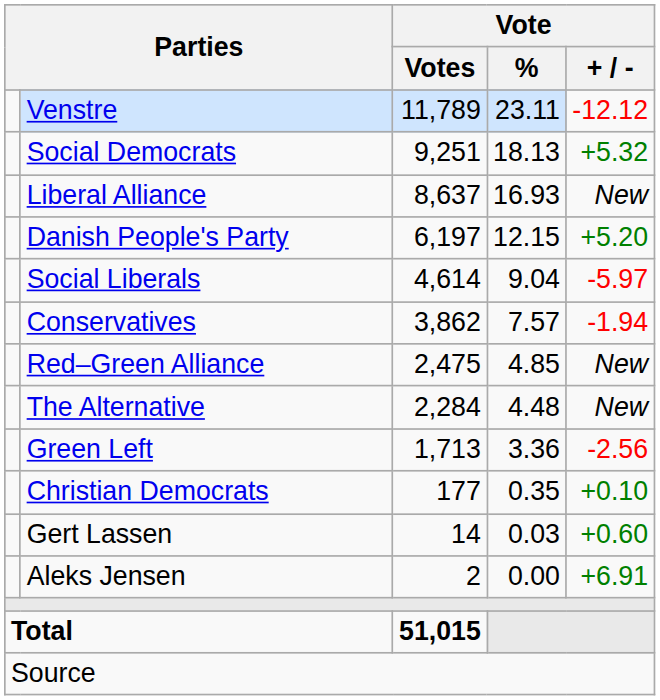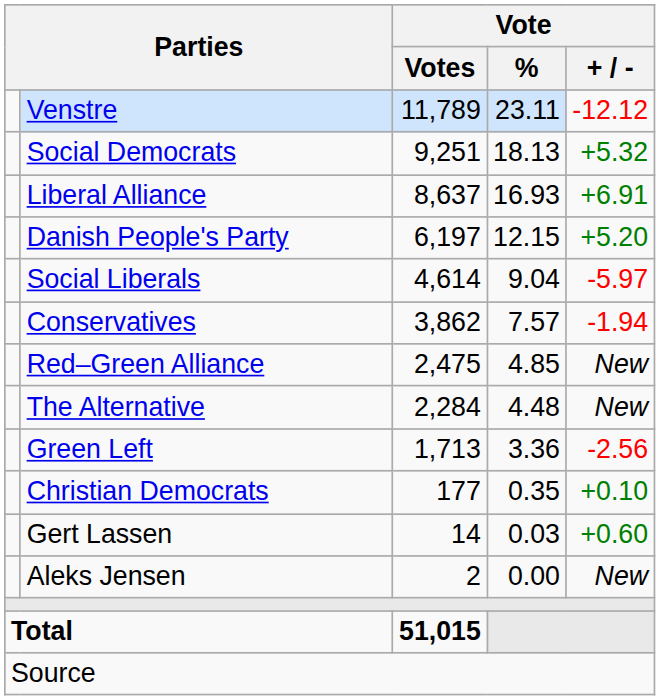 <table class="wikitable" style="text-align:right;">
 <tr>
 <th style="text-align:centre;" rowspan="2" colspan="2" width="225">Parties</th>
 <th colspan="3">Vote</th>
 </tr>
 <tr>
 <th width="15">Votes</th>
 <th width="15">%</th>
 <th width="15">+ / -</th>
 </tr>
 <tr>
 <td width="2" style="color:inherit;background:"></td>
 <td bgcolor=#cfe5fe  align="left"><a href='#'>Venstre</a></td>
 <td bgcolor=#cfe5fe>11,789</td>
 <td bgcolor=#cfe5fe>23.11</td>
 <td style=color:red;>-12.12</td>
 </tr>
 <tr>
 <td width="2" style="color:inherit;background:"></td>
 <td align="left"><a href='#'>Social Democrats</a></td>
 <td>9,251</td>
 <td>18.13</td>
 <td style=color:green;>+5.32</td>
 </tr>
 <tr>
 <td width="2" style="color:inherit;background:"></td>
 <td align="left"><a href='#'>Liberal Alliance</a></td>
 <td>8,637</td>
 <td>16.93</td>
-<td><em>New</em></td>
+<td style=color:green;>+6.91</td>
 </tr>
 <tr>
 <td width="2" style="color:inherit;background:"></td>
 <td align="left"><a href='#'>Danish People's Party</a></td>
 <td>6,197</td>
 <td>12.15</td>
 <td style=color:green;>+5.20</td>
 </tr>
 <tr>
 <td width="2" style="color:inherit;background:"></td>
 <td align="left"><a href='#'>Social Liberals</a></td>
 <td>4,614</td>
 <td>9.04</td>
 <td style=color:red;>-5.97</td>
 </tr>
 <tr>
 <td width="2" style="color:inherit;background:"></td>
 <td align="left"><a href='#'>Conservatives</a></td>
 <td>3,862</td>
 <td>7.57</td>
 <td style=color:red;>-1.94</td>
 </tr>
 <tr>
 <td width="2" style="color:inherit;background:"></td>
 <td align="left"><a href='#'>Red–Green Alliance</a></td>
 <td>2,475</td>
 <td>4.85</td>
 <td><em>New</em></td>
 </tr>
 <tr>
 <td width="2" style="color:inherit;background:"></td>
 <td align="left"><a href='#'>The Alternative</a></td>
 <td>2,284</td>
 <td>4.48</td>
 <td><em>New</em></td>
 </tr>
 <tr>
 <td width="2" style="color:inherit;background:"></td>
 <td align="left"><a href='#'>Green Left</a></td>
 <td>1,713</td>
 <td>3.36</td>
 <td style=color:red;>-2.56</td>
 </tr>
 <tr>
 <td width="2" style="color:inherit;background:"></td>
 <td align="left"><a href='#'>Christian Democrats</a></td>
 <td>177</td>
 <td>0.35</td>
 <td style=color:green;>+0.10</td>
 </tr>
 <tr>
 <td width="2" style="color:inherit;background:"></td>
 <td align="left">Gert Lassen</td>
 <td>14</td>
 <td>0.03</td>
 <td style=color:green;>+0.60</td>
 </tr>
 <tr>
 <td width="2" style="color:inherit;background:"></td>
 <td align="left">Aleks Jensen</td>
 <td>2</td>
 <td>0.00</td>
-<td style=color:green;>+6.91</td>
+<td><em>New</em></td>
 </tr>
 <tr>
 <td colspan="7" bgcolor="#E9E9E9"></td>
 </tr>
 <tr>
 <td align="left" colspan="2"><strong>Total</strong></td>
 <td><strong>51,015</strong></td>
 <td bgcolor="#E9E9E9" colspan="2"></td>
 </tr>
 <tr>
 <td align="left" colspan="6">Source</td>
 </tr>
 </table>
